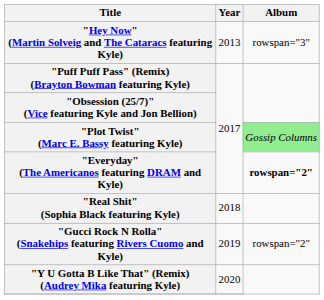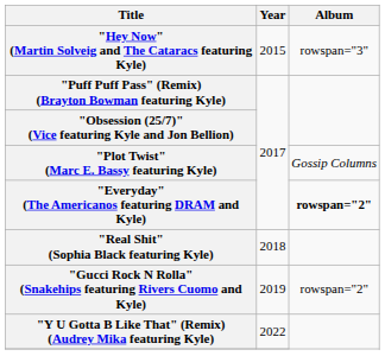 <table class="wikitable plainrowheaders" style="text-align:center;">
 <tr>
 <th scope="col" style="width:19em;">Title</th>
 <th scope="col">Year</th>
 <th scope="col">Album</th>
 </tr>
 <tr>
 <th scope="row">"<a href='#'>Hey Now</a>"<br><span>(<a href='#'>Martin Solveig</a> and <a href='#'>The Cataracs</a> featuring Kyle)</span></th>
-<td>2013</td>
+<td>2015</td>
 <td>rowspan="3" </td>
 </tr>
 <tr>
 <th scope="row">"Puff Puff Pass" (Remix) <br><span>(<a href='#'>Brayton Bowman</a> featuring Kyle)</span></th>
 <td rowspan="4">2017</td>
 </tr>
 <tr>
 <th scope="row">"Obsession (25/7)"<br><span>(<a href='#'>Vice</a> featuring Kyle and Jon Bellion)</span></th>
 </tr>
 <tr>
 <th scope="row">"Plot Twist"<br><span>(<a href='#'>Marc E. Bassy</a> featuring Kyle)</span></th>
-<td style="background: lightgreen;"><em>Gossip Columns</em></td>
+<td><em>Gossip Columns</em></td>
 </tr>
 <tr>
 <th scope="row">"Everyday"<br><span>(<a href='#'>The Americanos</a> featuring <a href='#'>DRAM</a> and Kyle)</span></th>
 <td><strong>rowspan="2" </strong></td>
 </tr>
 <tr>
 <th scope="row">"Real Shit"<br><span>(Sophia Black featuring Kyle)</span></th>
 <td>2018</td>
 </tr>
 <tr>
 <th scope="row">"Gucci Rock N Rolla"<br><span>(<a href='#'>Snakehips</a> featuring <a href='#'>Rivers Cuomo</a> and Kyle)</span></th>
 <td>2019</td>
 <td>rowspan="2" </td>
 </tr>
 <tr>
 <th scope="row">"Y U Gotta B Like That" (Remix)<br><span>(<a href='#'>Audrey Mika</a> featuring Kyle)</span></th>
-<td>2020</td>
+<td>2022</td>
 </tr>
 <tr>
 </tr>
 </table>
